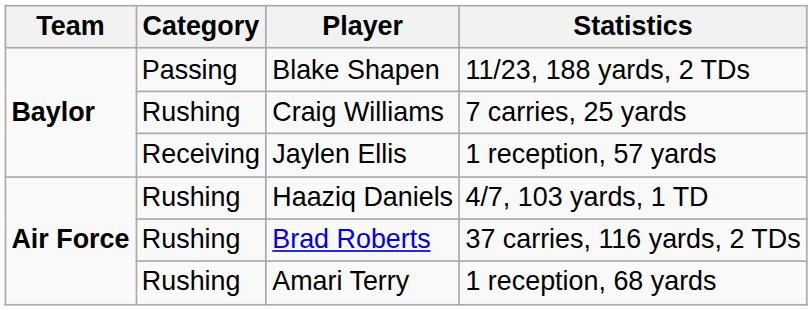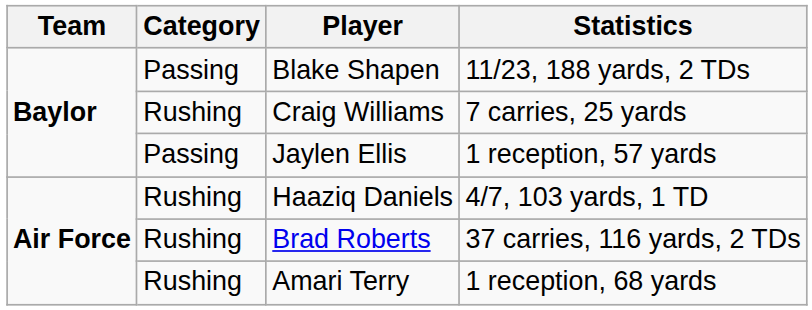 <table class="wikitable" style="float: right;">
 <tr>
 <th>Team</th>
 <th>Category</th>
 <th>Player</th>
 <th>Statistics</th>
 </tr>
 <tr>
 <td rowspan=3><strong>Baylor</strong></td>
 <td>Passing</td>
 <td>Blake Shapen</td>
 <td>11/23, 188 yards, 2 TDs</td>
 </tr>
 <tr>
 <td>Rushing</td>
 <td>Craig Williams</td>
 <td>7 carries, 25 yards</td>
 </tr>
 <tr>
-<td>Receiving</td>
+<td>Passing</td>
 <td>Jaylen Ellis</td>
 <td>1 reception, 57 yards</td>
 </tr>
 <tr>
 <td rowspan=3><strong>Air Force</strong></td>
 <td>Rushing</td>
 <td>Haaziq Daniels</td>
 <td>4/7, 103 yards, 1 TD</td>
 </tr>
 <tr>
 <td>Rushing</td>
 <td><a href='#'>Brad Roberts</a></td>
 <td>37 carries, 116 yards, 2 TDs</td>
 </tr>
 <tr>
 <td>Rushing</td>
 <td>Amari Terry</td>
 <td>1 reception, 68 yards</td>
 </tr>
 </table>
